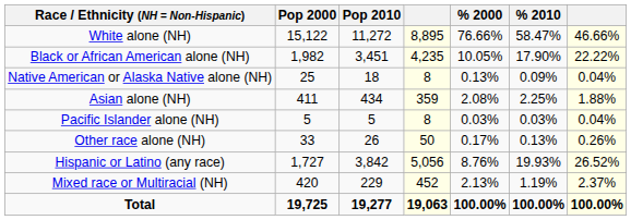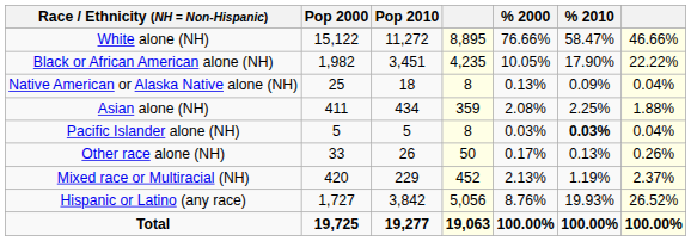 <table class="wikitable" style="text-align:center;">
 <tr>
 <th>Race / Ethnicity <small>(<em>NH = Non-Hispanic</em>)</small></th>
 <th>Pop 2000</th>
 <th>Pop 2010</th>
 <th></th>
 <th>% 2000</th>
 <th>% 2010</th>
 <th></th>
 </tr>
 <tr>
 <td><a href='#'>White</a> alone (NH)</td>
 <td>15,122</td>
 <td>11,272</td>
 <td style='background: #ffffe6;'>8,895</td>
 <td>76.66%</td>
 <td>58.47%</td>
 <td style='background: #ffffe6;'>46.66%</td>
 </tr>
 <tr>
 <td><a href='#'>Black or African American</a> alone (NH)</td>
 <td>1,982</td>
 <td>3,451</td>
 <td style='background: #ffffe6;'>4,235</td>
 <td>10.05%</td>
 <td>17.90%</td>
 <td style='background: #ffffe6;'>22.22%</td>
 </tr>
 <tr>
 <td><a href='#'>Native American</a> or <a href='#'>Alaska Native</a> alone (NH)</td>
 <td>25</td>
 <td>18</td>
 <td style='background: #ffffe6;'>8</td>
 <td>0.13%</td>
 <td>0.09%</td>
 <td style='background: #ffffe6;'>0.04%</td>
 </tr>
 <tr>
 <td><a href='#'>Asian</a> alone (NH)</td>
 <td>411</td>
 <td>434</td>
 <td style='background: #ffffe6;'>359</td>
 <td>2.08%</td>
 <td>2.25%</td>
 <td style='background: #ffffe6;'>1.88%</td>
 </tr>
 <tr>
 <td><a href='#'>Pacific Islander</a> alone (NH)</td>
 <td>5</td>
 <td>5</td>
 <td style='background: #ffffe6;'>8</td>
 <td>0.03%</td>
-<td>0.03%</td>
+<td><strong>0.03%</strong></td>
 <td style='background: #ffffe6;'>0.04%</td>
 </tr>
 <tr>
 <td><a href='#'>Other race</a> alone (NH)</td>
 <td>33</td>
 <td>26</td>
 <td style='background: #ffffe6;'>50</td>
 <td>0.17%</td>
 <td>0.13%</td>
 <td style='background: #ffffe6;'>0.26%</td>
 </tr>
 <tr>
+<td><a href='#'>Mixed race or Multiracial</a> (NH)</td>
+<td>420</td>
+<td>229</td>
+<td style='background: #ffffe6;'>452</td>
+<td>2.13%</td>
+<td>1.19%</td>
+<td style='background: #ffffe6;'>2.37%</td>
+</tr>
+<tr>
 <td><a href='#'>Hispanic or Latino</a> (any race)</td>
 <td>1,727</td>
 <td>3,842</td>
 <td style='background: #ffffe6;'>5,056</td>
 <td>8.76%</td>
 <td>19.93%</td>
 <td style='background: #ffffe6;'>26.52%</td>
-</tr>
-<tr>
-<td><a href='#'>Mixed race or Multiracial</a> (NH)</td>
-<td>420</td>
-<td>229</td>
-<td style='background: #ffffe6;'>452</td>
-<td>2.13%</td>
-<td>1.19%</td>
-<td style='background: #ffffe6;'>2.37%</td>
 </tr>
 <tr>
 <td><strong>Total</strong></td>
 <td><strong>19,725</strong></td>
 <td><strong>19,277</strong></td>
 <td style='background: #ffffe6;'><strong>19,063</strong></td>
 <td><strong>100.00%</strong></td>
 <td><strong>100.00%</strong></td>
 <td style='background: #ffffe6;'><strong>100.00%</strong></td>
 </tr>
 </table>
